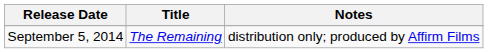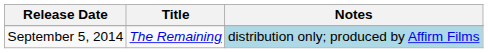 <table class="wikitable sortable">
 <tr>
 <th>Release Date</th>
 <th>Title</th>
 <th>Notes</th>
 </tr>
 <tr>
 </tr>
 <tr>
 <td align="right">September 5, 2014</td>
 <td><em><a href='#'>The Remaining</a></em></td>
-<td>distribution only; produced by <a href='#'>Affirm Films</a></td>
+<td style="background: lightblue;">distribution only; produced by <a href='#'>Affirm Films</a></td>
 </tr>
 </table>
